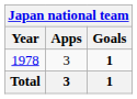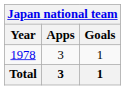 <table class="wikitable" style="text-align:center">
 <tr>
 <th colspan=3><a href='#'>Japan national team</a></th>
 </tr>
 <tr>
 <th>Year</th>
 <th>Apps</th>
 <th>Goals</th>
 </tr>
 <tr>
 <td><a href='#'>1978</a></td>
 <td>3</td>
-<td><strong>1</strong></td>
+<td>1</td>
 </tr>
 <tr>
 <th>Total</th>
 <th>3</th>
 <th>1</th>
 </tr>
 </table>
